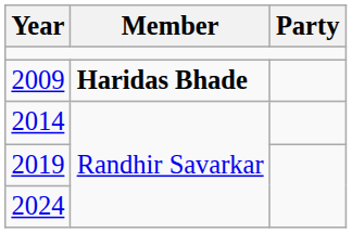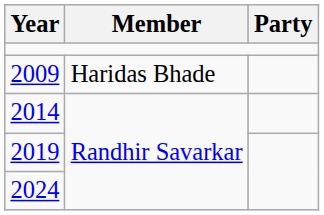 <table class = wikitable>
 <tr>
 <th>Year</th>
 <th>Member</th>
 <th colspan=2>Party</th>
 </tr>
 <tr>
 <td colspan=4></td>
 </tr>
 <tr>
 <td><a href='#'>2009</a></td>
-<td><strong>Haridas Bhade</strong></td>
+<td>Haridas Bhade</td>
 <td></td>
 </tr>
 <tr>
 <td><a href='#'>2014</a></td>
 <td rowspan=3><a href='#'>Randhir Savarkar</a></td>
 <td></td>
 </tr>
 <tr>
 <td><a href='#'>2019</a></td>
 </tr>
 <tr>
 <td><a href='#'>2024</a></td>
 </tr>
 </table>
